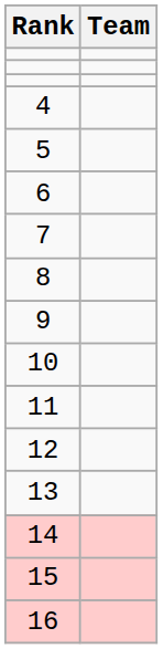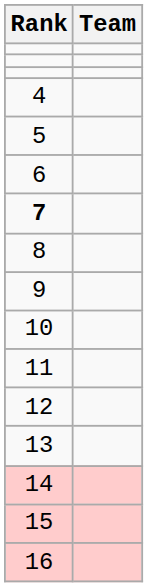 <table class=wikitable style="text-align: center;">
 <tr>
 <th>Rank</th>
 <th>Team</th>
 </tr>
 <tr>
 <td></td>
 <td align=left></td>
 </tr>
 <tr>
 <td></td>
 <td align=left></td>
 </tr>
 <tr>
 <td></td>
 <td align=left></td>
 </tr>
 <tr>
 <td>4</td>
 <td align=left></td>
 </tr>
 <tr>
 <td>5</td>
 <td align=left></td>
 </tr>
 <tr>
 <td>6</td>
 <td align=left></td>
 </tr>
 <tr>
-<td>7</td>
+<td><strong>7</strong></td>
 <td align=left></td>
 </tr>
 <tr>
 <td>8</td>
 <td align=left></td>
 </tr>
 <tr>
 <td>9</td>
 <td align=left></td>
 </tr>
 <tr>
 <td>10</td>
 <td align=left></td>
 </tr>
 <tr>
 <td>11</td>
 <td align=left></td>
 </tr>
 <tr>
 <td>12</td>
 <td align=left></td>
 </tr>
 <tr>
 <td>13</td>
 <td align=left></td>
 </tr>
 <tr bgcolor=ffcccc>
 <td>14</td>
 <td align=left></td>
 </tr>
 <tr bgcolor=ffcccc>
 <td>15</td>
 <td align=left></td>
 </tr>
 <tr bgcolor=ffcccc>
 <td>16</td>
 <td align=left></td>
 </tr>
 </table>
